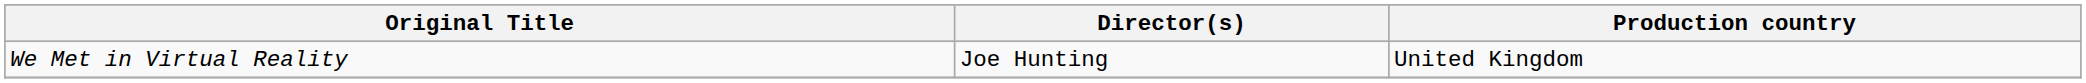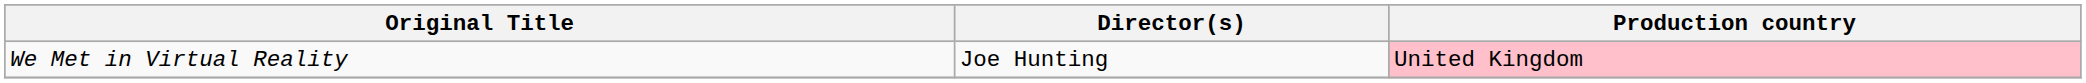 <table class="wikitable" style="width:95%; margin-bottom:2px">
 <tr>
 <th>Original Title</th>
 <th>Director(s)</th>
 <th>Production country</th>
 </tr>
 <tr>
 <td><em>We Met in Virtual Reality</em></td>
 <td>Joe Hunting</td>
-<td>United Kingdom</td>
+<td style="background: pink;">United Kingdom</td>
 </tr>
 <tr>
 </tr>
 </table>
